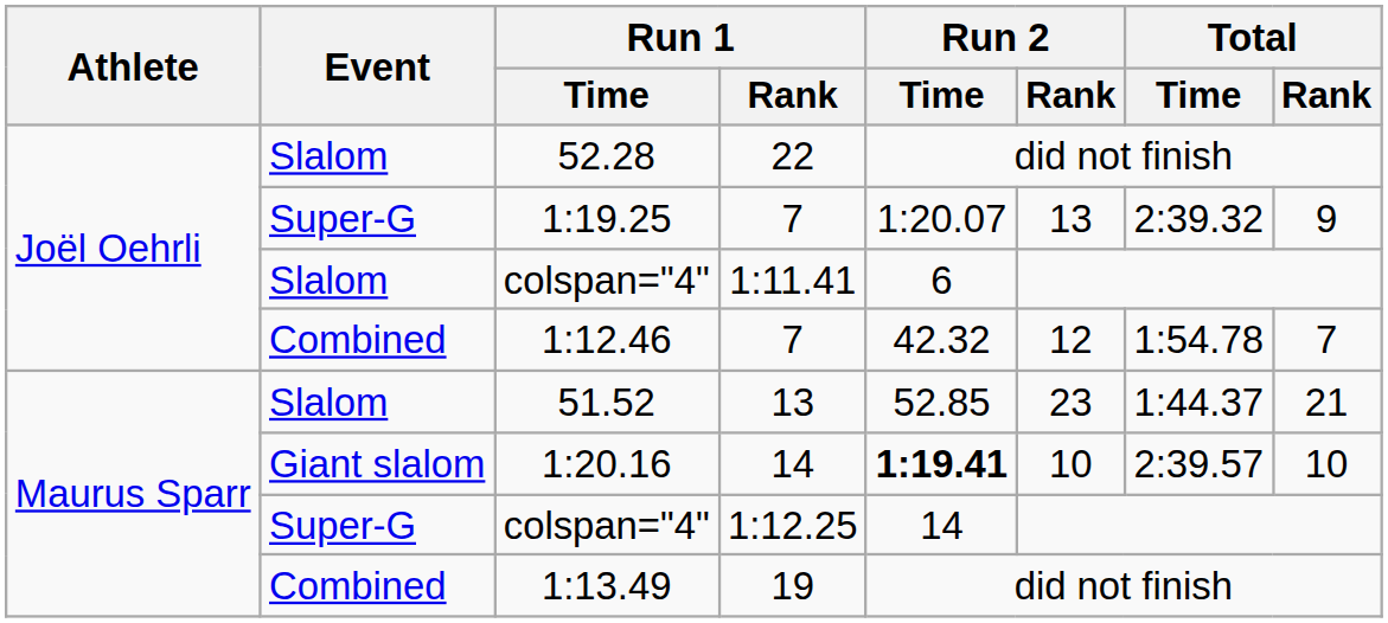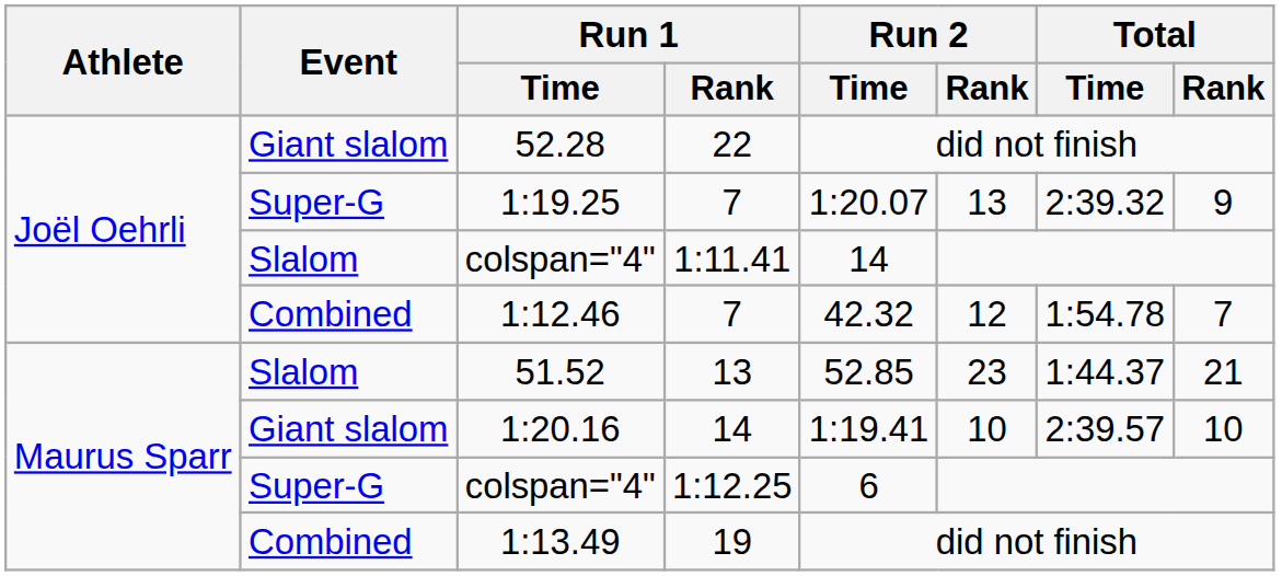 <table class="wikitable" style="font-size:90%">
 <tr>
 <th rowspan=2>Athlete</th>
 <th rowspan=2>Event</th>
 <th colspan=2>Run 1</th>
 <th colspan=2>Run 2</th>
 <th colspan=2>Total</th>
 </tr>
 <tr style="font-size:95%">
 <th>Time</th>
 <th>Rank</th>
 <th>Time</th>
 <th>Rank</th>
 <th>Time</th>
 <th>Rank</th>
 </tr>
 <tr align=center>
 <td align="left" rowspan="4"><a href='#'>Joël Oehrli</a></td>
-<td align="left"><a href='#'>Slalom</a></td>
+<td align="left"><a href='#'>Giant slalom</a></td>
 <td>52.28</td>
 <td>22</td>
 <td colspan=4>did not finish</td>
 </tr>
 <tr align=center>
 <td align="left"><a href='#'>Super-G</a></td>
 <td>1:19.25</td>
 <td>7</td>
 <td>1:20.07</td>
 <td>13</td>
 <td>2:39.32</td>
 <td>9</td>
 </tr>
 <tr align=center>
 <td align="left"><a href='#'>Slalom</a></td>
 <td>colspan="4" </td>
 <td>1:11.41</td>
-<td>6</td>
+<td>14</td>
 </tr>
 <tr align=center>
 <td align="left"><a href='#'>Combined</a></td>
 <td>1:12.46</td>
 <td>7</td>
 <td>42.32</td>
 <td>12</td>
 <td>1:54.78</td>
 <td>7</td>
 </tr>
 <tr align=center>
 <td align="left" rowspan="4"><a href='#'>Maurus Sparr</a></td>
 <td align="left"><a href='#'>Slalom</a></td>
 <td>51.52</td>
 <td>13</td>
 <td>52.85</td>
 <td>23</td>
 <td>1:44.37</td>
 <td>21</td>
 </tr>
 <tr align=center>
 <td align="left"><a href='#'>Giant slalom</a></td>
 <td>1:20.16</td>
 <td>14</td>
-<td><strong>1:19.41</strong></td>
+<td>1:19.41</td>
 <td>10</td>
 <td>2:39.57</td>
 <td>10</td>
 </tr>
 <tr align=center>
 <td align="left"><a href='#'>Super-G</a></td>
 <td>colspan="4" </td>
 <td>1:12.25</td>
-<td>14</td>
+<td>6</td>
 </tr>
 <tr align=center>
 <td align="left"><a href='#'>Combined</a></td>
 <td>1:13.49</td>
 <td>19</td>
 <td colspan=4>did not finish</td>
 </tr>
 </table>
